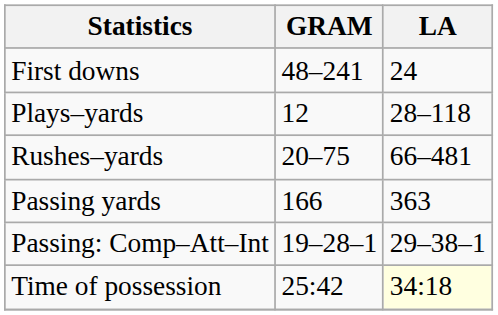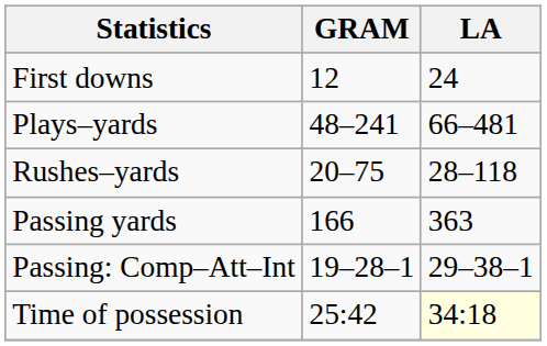 <table class="wikitable" style="float: left;">
 <tr>
 <th>Statistics</th>
 <th>GRAM</th>
 <th>LA</th>
 </tr>
 <tr>
 <td>First downs</td>
-<td>48–241</td>
+<td>12</td>
 <td>24</td>
 </tr>
 <tr>
 <td>Plays–yards</td>
-<td>12</td>
-<td>28–118</td>
+<td>48–241</td>
+<td>66–481</td>
 </tr>
 <tr>
 <td>Rushes–yards</td>
 <td>20–75</td>
-<td>66–481</td>
+<td>28–118</td>
 </tr>
 <tr>
 <td>Passing yards</td>
 <td>166</td>
 <td>363</td>
 </tr>
 <tr>
 <td>Passing: Comp–Att–Int</td>
 <td>19–28–1</td>
 <td>29–38–1</td>
 </tr>
 <tr>
 <td>Time of possession</td>
 <td>25:42</td>
 <td style="background: lightyellow;">34:18</td>
 </tr>
 <tr>
 </tr>
 </table>
